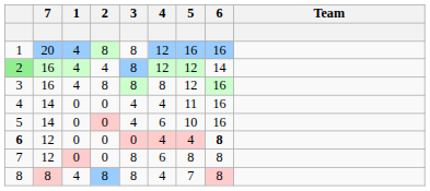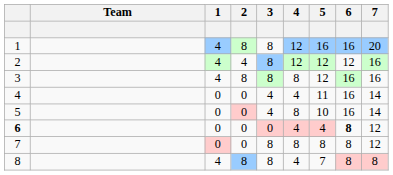 <table class="wikitable sortable" style="text-align:center; line-height: 90%;" width=40%>
 <tr>
 <th width=20 abbr="Position"></th>
-<th width=20 abbr="Round 7">7</th>
+<th width=175px>Team</th>
 <th width=20 abbr="Round 1">1</th>
 <th width=20 abbr="Round 2">2</th>
 <th width=20 abbr="Round 3">3</th>
 <th width=20 abbr="Round 4">4</th>
 <th width=20 abbr="Round 5">5</th>
 <th width=20 abbr="Round 6">6</th>
-<th width=175px>Team</th>
+<th width=20 abbr="Round 7">7</th>
 </tr>
 <tr>
-<th></th>
-<th> </th>
 <th></th>
 <th></th>
 <th></th>
 <th></th>
 <th></th>
 <th></th>
 <th></th>
+<th></th>
+<th> </th>
 </tr>
 <tr>
 <td>1</td>
-<td style="background:#99ccff;">20</td>
+<td style="text-align:left"></td>
 <td style="background:#99ccff;">4</td>
 <td style="background:#ccffcc;">8</td>
 <td>8</td>
 <td style="background:#99ccff;">12</td>
 <td style="background:#99ccff;">16</td>
 <td style="background:#99ccff;">16</td>
-<td style="text-align:left"></td>
+<td style="background:#99ccff;">20</td>
 </tr>
 <tr>
-<td style="background: lightgreen;">2</td>
-<td style="background:#ccffcc;">16</td>
+<td>2</td>
+<td style="text-align:left"></td>
 <td style="background:#ccffcc;">4</td>
 <td>4</td>
 <td style="background:#99ccff;">8</td>
 <td style="background:#ccffcc;">12</td>
 <td style="background:#ccffcc;">12</td>
-<td>14</td>
-<td style="text-align:left"></td>
+<td>12</td>
+<td style="background:#ccffcc;">16</td>
 </tr>
 <tr>
 <td>3</td>
-<td>16</td>
+<td style="text-align:left"></td>
 <td>4</td>
 <td>8</td>
 <td style="background:#ccffcc;">8</td>
 <td>8</td>
 <td>12</td>
 <td style="background:#ccffcc;">16</td>
-<td style="text-align:left"></td>
+<td>16</td>
 </tr>
 <tr>
 <td>4</td>
-<td>14</td>
+<td style="text-align:left"></td>
 <td>0</td>
 <td>0</td>
 <td>4</td>
 <td>4</td>
 <td>11</td>
 <td>16</td>
-<td style="text-align:left"></td>
+<td>14</td>
 </tr>
 <tr>
 <td>5</td>
-<td>14</td>
+<td style="text-align:left"></td>
 <td>0</td>
 <td style="background:#ffcccc;">0</td>
 <td>4</td>
-<td>6</td>
+<td>8</td>
 <td>10</td>
 <td>16</td>
-<td style="text-align:left"></td>
+<td>14</td>
 </tr>
 <tr>
 <td><strong>6</strong></td>
-<td>12</td>
+<td style="text-align:left"></td>
 <td>0</td>
 <td>0</td>
 <td style="background:#ffcccc;">0</td>
 <td style="background:#ffcccc;">4</td>
 <td style="background:#ffcccc;">4</td>
 <td><strong>8</strong></td>
-<td style="text-align:left"></td>
+<td>12</td>
 </tr>
 <tr>
 <td>7</td>
-<td>12</td>
+<td style="text-align:left"></td>
 <td style="background:#ffcccc;">0</td>
 <td>0</td>
 <td>8</td>
-<td>6</td>
 <td>8</td>
 <td>8</td>
-<td style="text-align:left"></td>
+<td>8</td>
+<td>12</td>
 </tr>
 <tr>
 <td>8</td>
-<td style="background:#ffcccc;">8</td>
+<td style="text-align:left"></td>
 <td>4</td>
 <td style="background:#99ccff;">8</td>
 <td>8</td>
 <td>4</td>
 <td>7</td>
 <td style="background:#ffcccc;">8</td>
-<td style="text-align:left"></td>
+<td style="background:#ffcccc;">8</td>
 </tr>
 </table>
